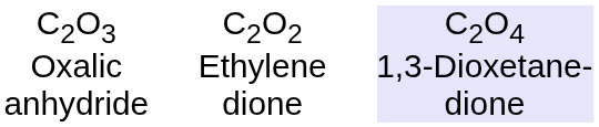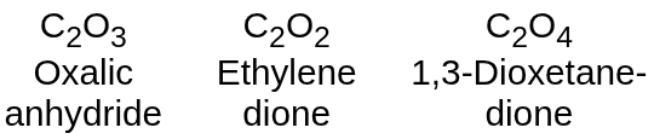 <table border=0 cellborder=0 cellpadding=0>
 <tr valign=middle>
 <td width="50"> </td>
 <td align=center></td>
 <td width="20"> </td>
 <td align=center></td>
 <td width="20"> </td>
 <td align=center></td>
 </tr>
 <tr>
 <td width="50"> </td>
 <td align=center>C<sub>2</sub>O<sub>3</sub><br>Oxalic<br>anhydride</td>
 <td width="20"> </td>
 <td align=center>C<sub>2</sub>O<sub>2</sub><br>Ethylene<br>dione</td>
 <td width="20"> </td>
-<td align=center style="background: lavender;">C<sub>2</sub>O<sub>4</sub><br>1,3-Dioxetane-<br>dione</td>
+<td align=center>C<sub>2</sub>O<sub>4</sub><br>1,3-Dioxetane-<br>dione</td>
 </tr>
 </table>
